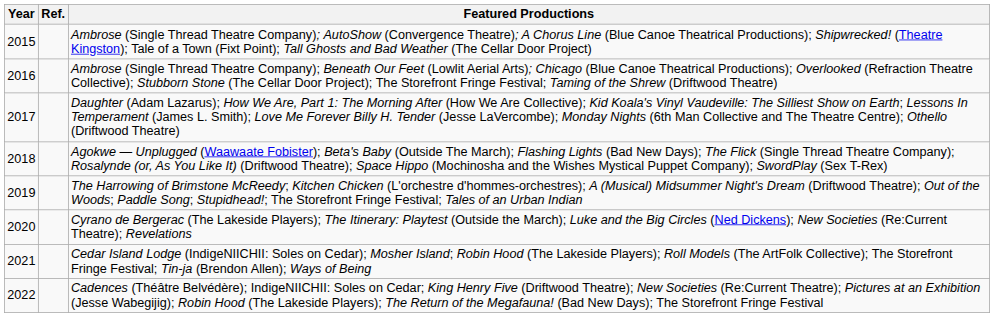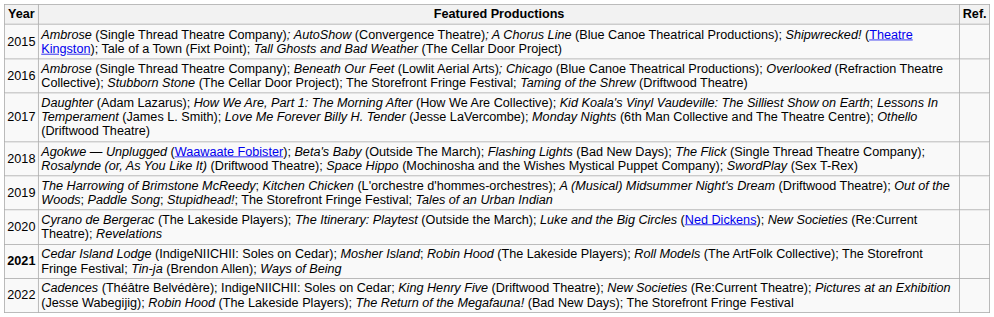 <table class="wikitable">
 <tr>
 <th>Year</th>
+<th>Featured Productions</th>
 <th>Ref.</th>
-<th>Featured Productions</th>
 </tr>
 <tr>
 <td>2015</td>
+<td><em>Ambrose</em> (Single Thread Theatre Company)<em>;</em> <em>AutoShow</em> (Convergence Theatre)<em>; A Chorus Line</em> (Blue Canoe Theatrical Productions); <em>Shipwrecked!</em> (<a href='#'>Theatre Kingston</a>); Tale of a Town (Fixt Point); <em>Tall Ghosts and Bad Weather</em> (The Cellar Door Project)</td>
 <td></td>
-<td><em>Ambrose</em> (Single Thread Theatre Company)<em>;</em> <em>AutoShow</em> (Convergence Theatre)<em>; A Chorus Line</em> (Blue Canoe Theatrical Productions); <em>Shipwrecked!</em> (<a href='#'>Theatre Kingston</a>); Tale of a Town (Fixt Point); <em>Tall Ghosts and Bad Weather</em> (The Cellar Door Project)</td>
 </tr>
 <tr>
 <td>2016</td>
+<td><em>Ambrose</em> (Single Thread Theatre Company); <em>Beneath Our Feet</em> (Lowlit Aerial Arts)<em>;</em> <em>Chicago</em> (Blue Canoe Theatrical Productions); <em>Overlooked</em> (Refraction Theatre Collective); <em>Stubborn Stone</em> (The Cellar Door Project); The Storefront Fringe Festival; <em>Taming of the Shrew</em> (Driftwood Theatre)</td>
 <td></td>
-<td><em>Ambrose</em> (Single Thread Theatre Company); <em>Beneath Our Feet</em> (Lowlit Aerial Arts)<em>;</em> <em>Chicago</em> (Blue Canoe Theatrical Productions); <em>Overlooked</em> (Refraction Theatre Collective); <em>Stubborn Stone</em> (The Cellar Door Project); The Storefront Fringe Festival; <em>Taming of the Shrew</em> (Driftwood Theatre)</td>
 </tr>
 <tr>
 <td>2017</td>
+<td><em>Daughter</em> (Adam Lazarus); <em>How We Are, Part 1: The Morning After</em> (How We Are Collective); <em>Kid Koala's Vinyl Vaudeville: The Silliest Show on Earth</em>; <em>Lessons In Temperament</em> (James L. Smith); <em>Love Me Forever Billy H. Tender</em> (Jesse LaVercombe); <em>Monday Nights</em> (6th Man Collective and The Theatre Centre); <em>Othello</em> (Driftwood Theatre)</td>
 <td></td>
-<td><em>Daughter</em> (Adam Lazarus); <em>How We Are, Part 1: The Morning After</em> (How We Are Collective); <em>Kid Koala's Vinyl Vaudeville: The Silliest Show on Earth</em>; <em>Lessons In Temperament</em> (James L. Smith); <em>Love Me Forever Billy H. Tender</em> (Jesse LaVercombe); <em>Monday Nights</em> (6th Man Collective and The Theatre Centre); <em>Othello</em> (Driftwood Theatre)</td>
 </tr>
 <tr>
 <td>2018</td>
+<td><em>Agokwe — Unplugged</em> (<a href='#'>Waawaate Fobister</a>); <em>Beta's Baby</em> (Outside The March); <em>Flashing Lights</em> (Bad New Days); <em>The Flick</em> (Single Thread Theatre Company); <em>Rosalynde (or, As You Like It)</em> (Driftwood Theatre); <em>Space Hippo</em> (Mochinosha and the Wishes Mystical Puppet Company); <em>SwordPlay</em> (Sex T-Rex)</td>
 <td></td>
-<td><em>Agokwe — Unplugged</em> (<a href='#'>Waawaate Fobister</a>); <em>Beta's Baby</em> (Outside The March); <em>Flashing Lights</em> (Bad New Days); <em>The Flick</em> (Single Thread Theatre Company); <em>Rosalynde (or, As You Like It)</em> (Driftwood Theatre); <em>Space Hippo</em> (Mochinosha and the Wishes Mystical Puppet Company); <em>SwordPlay</em> (Sex T-Rex)</td>
 </tr>
 <tr>
 <td>2019</td>
+<td><em>The Harrowing of Brimstone McReedy</em>; <em>Kitchen Chicken</em> (L'orchestre d'hommes-orchestres); <em>A (Musical) Midsummer Night's Dream</em> (Driftwood Theatre); <em>Out of the Woods</em>; <em>Paddle Song</em>; <em>Stupidhead!</em>; The Storefront Fringe Festival; <em>Tales of an Urban Indian</em></td>
 <td></td>
-<td><em>The Harrowing of Brimstone McReedy</em>; <em>Kitchen Chicken</em> (L'orchestre d'hommes-orchestres); <em>A (Musical) Midsummer Night's Dream</em> (Driftwood Theatre); <em>Out of the Woods</em>; <em>Paddle Song</em>; <em>Stupidhead!</em>; The Storefront Fringe Festival; <em>Tales of an Urban Indian</em></td>
 </tr>
 <tr>
 <td>2020</td>
+<td><em>Cyrano de Bergerac</em> (The Lakeside Players); <em>The Itinerary: Playtest</em> (Outside the March); <em>Luke and the Big Circles</em> (<a href='#'>Ned Dickens</a>); <em>New Societies</em> (Re:Current Theatre); <em>Revelations</em></td>
 <td></td>
-<td><em>Cyrano de Bergerac</em> (The Lakeside Players); <em>The Itinerary: Playtest</em> (Outside the March); <em>Luke and the Big Circles</em> (<a href='#'>Ned Dickens</a>); <em>New Societies</em> (Re:Current Theatre); <em>Revelations</em></td>
 </tr>
 <tr>
-<td>2021</td>
+<td><strong>2021</strong></td>
+<td><em>Cedar Island Lodge</em> (IndigeNIICHII: Soles on Cedar); <em>Mosher Island</em>; <em>Robin Hood</em> (The Lakeside Players); <em>Roll Models</em> (The ArtFolk Collective); The Storefront Fringe Festival; <em>Tin-ja</em> (Brendon Allen); <em>Ways of Being</em></td>
 <td></td>
-<td><em>Cedar Island Lodge</em> (IndigeNIICHII: Soles on Cedar); <em>Mosher Island</em>; <em>Robin Hood</em> (The Lakeside Players); <em>Roll Models</em> (The ArtFolk Collective); The Storefront Fringe Festival; <em>Tin-ja</em> (Brendon Allen); <em>Ways of Being</em></td>
 </tr>
 <tr>
 <td>2022</td>
+<td><em>Cadences</em> (Théâtre Belvédère); IndigeNIICHII: Soles on Cedar; <em>King Henry Five</em> (Driftwood Theatre); <em>New Societies</em> (Re:Current Theatre); <em>Pictures at an Exhibition</em> (Jesse Wabegijig); <em>Robin Hood</em> (The Lakeside Players); <em>The Return of the Megafauna!</em> (Bad New Days); The Storefront Fringe Festival</td>
 <td></td>
-<td><em>Cadences</em> (Théâtre Belvédère); IndigeNIICHII: Soles on Cedar; <em>King Henry Five</em> (Driftwood Theatre); <em>New Societies</em> (Re:Current Theatre); <em>Pictures at an Exhibition</em> (Jesse Wabegijig); <em>Robin Hood</em> (The Lakeside Players); <em>The Return of the Megafauna!</em> (Bad New Days); The Storefront Fringe Festival</td>
 </tr>
 </table>
